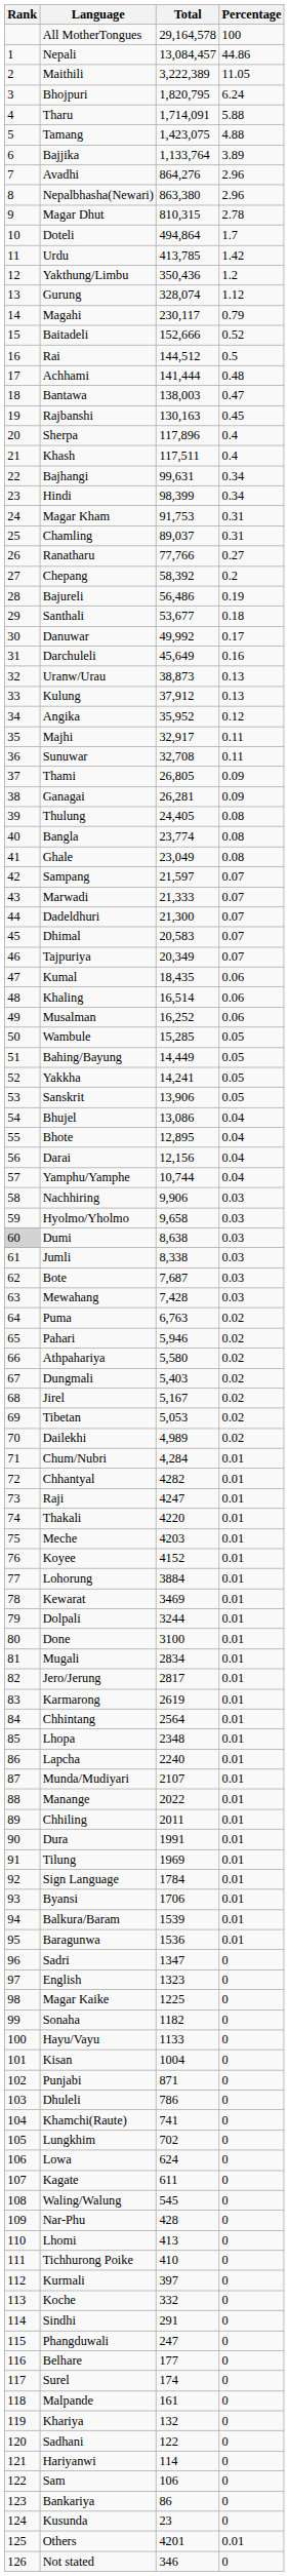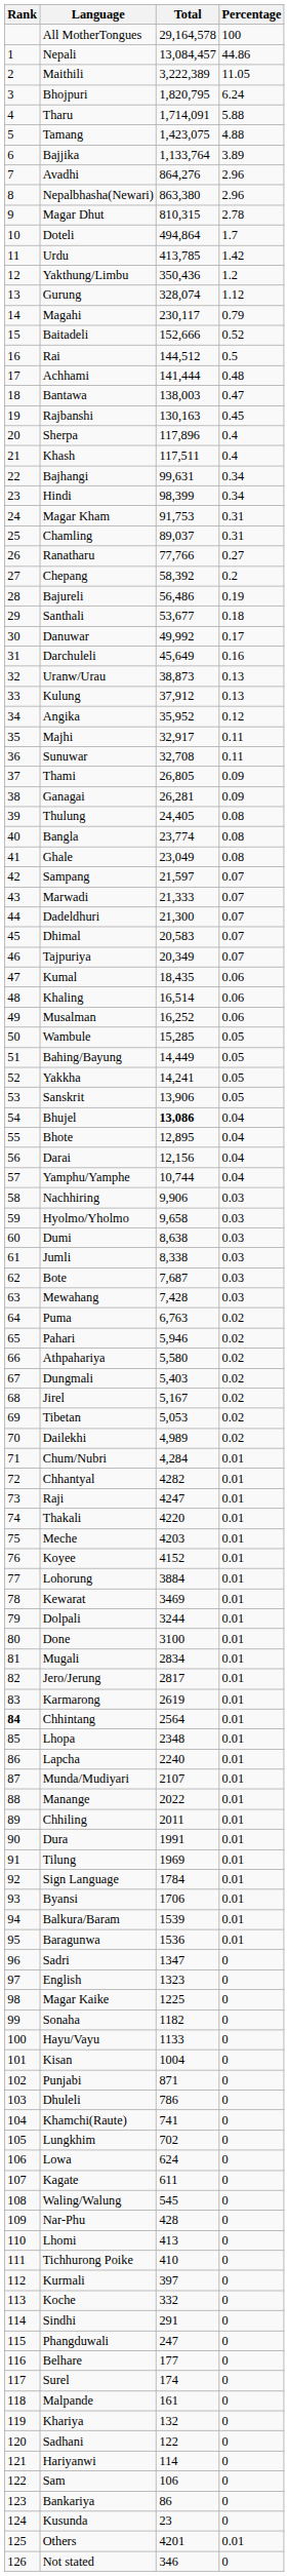 <table class="wikitable sortable">
 <tr>
 <th>Rank</th>
 <th>Language</th>
 <th>Total</th>
 <th>Percentage</th>
 </tr>
 <tr>
 <td></td>
 <td>All MotherTongues</td>
 <td>29,164,578</td>
 <td>100</td>
 </tr>
 <tr>
 <td>1</td>
 <td>Nepali</td>
 <td>13,084,457</td>
 <td>44.86</td>
 </tr>
 <tr>
 <td>2</td>
 <td>Maithili</td>
 <td>3,222,389</td>
 <td>11.05</td>
 </tr>
 <tr>
 <td>3</td>
 <td>Bhojpuri</td>
 <td>1,820,795</td>
 <td>6.24</td>
 </tr>
 <tr>
 <td>4</td>
 <td>Tharu</td>
 <td>1,714,091</td>
 <td>5.88</td>
 </tr>
 <tr>
 <td>5</td>
 <td>Tamang</td>
 <td>1,423,075</td>
 <td>4.88</td>
 </tr>
 <tr>
 <td>6</td>
 <td>Bajjika</td>
 <td>1,133,764</td>
 <td>3.89</td>
 </tr>
 <tr>
 <td>7</td>
 <td>Avadhi</td>
 <td>864,276</td>
 <td>2.96</td>
 </tr>
 <tr>
 <td>8</td>
 <td>Nepalbhasha(Newari)</td>
 <td>863,380</td>
 <td>2.96</td>
 </tr>
 <tr>
 <td>9</td>
 <td>Magar Dhut</td>
 <td>810,315</td>
 <td>2.78</td>
 </tr>
 <tr>
 <td>10</td>
 <td>Doteli</td>
 <td>494,864</td>
 <td>1.7</td>
 </tr>
 <tr>
 <td>11</td>
 <td>Urdu</td>
 <td>413,785</td>
 <td>1.42</td>
 </tr>
 <tr>
 <td>12</td>
 <td>Yakthung/Limbu</td>
 <td>350,436</td>
 <td>1.2</td>
 </tr>
 <tr>
 <td>13</td>
 <td>Gurung</td>
 <td>328,074</td>
 <td>1.12</td>
 </tr>
 <tr>
 <td>14</td>
 <td>Magahi</td>
 <td>230,117</td>
 <td>0.79</td>
 </tr>
 <tr>
 <td>15</td>
 <td>Baitadeli</td>
 <td>152,666</td>
 <td>0.52</td>
 </tr>
 <tr>
 <td>16</td>
 <td>Rai</td>
 <td>144,512</td>
 <td>0.5</td>
 </tr>
 <tr>
 <td>17</td>
 <td>Achhami</td>
 <td>141,444</td>
 <td>0.48</td>
 </tr>
 <tr>
 <td>18</td>
 <td>Bantawa</td>
 <td>138,003</td>
 <td>0.47</td>
 </tr>
 <tr>
 <td>19</td>
 <td>Rajbanshi</td>
 <td>130,163</td>
 <td>0.45</td>
 </tr>
 <tr>
 <td>20</td>
 <td>Sherpa</td>
 <td>117,896</td>
 <td>0.4</td>
 </tr>
 <tr>
 <td>21</td>
 <td>Khash</td>
 <td>117,511</td>
 <td>0.4</td>
 </tr>
 <tr>
 <td>22</td>
 <td>Bajhangi</td>
 <td>99,631</td>
 <td>0.34</td>
 </tr>
 <tr>
 <td>23</td>
 <td>Hindi</td>
 <td>98,399</td>
 <td>0.34</td>
 </tr>
 <tr>
 <td>24</td>
 <td>Magar Kham</td>
 <td>91,753</td>
 <td>0.31</td>
 </tr>
 <tr>
 <td>25</td>
 <td>Chamling</td>
 <td>89,037</td>
 <td>0.31</td>
 </tr>
 <tr>
 <td>26</td>
 <td>Ranatharu</td>
 <td>77,766</td>
 <td>0.27</td>
 </tr>
 <tr>
 <td>27</td>
 <td>Chepang</td>
 <td>58,392</td>
 <td>0.2</td>
 </tr>
 <tr>
 <td>28</td>
 <td>Bajureli</td>
 <td>56,486</td>
 <td>0.19</td>
 </tr>
 <tr>
 <td>29</td>
 <td>Santhali</td>
 <td>53,677</td>
 <td>0.18</td>
 </tr>
 <tr>
 <td>30</td>
 <td>Danuwar</td>
 <td>49,992</td>
 <td>0.17</td>
 </tr>
 <tr>
 <td>31</td>
 <td>Darchuleli</td>
 <td>45,649</td>
 <td>0.16</td>
 </tr>
 <tr>
 <td>32</td>
 <td>Uranw/Urau</td>
 <td>38,873</td>
 <td>0.13</td>
 </tr>
 <tr>
 <td>33</td>
 <td>Kulung</td>
 <td>37,912</td>
 <td>0.13</td>
 </tr>
 <tr>
 <td>34</td>
 <td>Angika</td>
 <td>35,952</td>
 <td>0.12</td>
 </tr>
 <tr>
 <td>35</td>
 <td>Majhi</td>
 <td>32,917</td>
 <td>0.11</td>
 </tr>
 <tr>
 <td>36</td>
 <td>Sunuwar</td>
 <td>32,708</td>
 <td>0.11</td>
 </tr>
 <tr>
 <td>37</td>
 <td>Thami</td>
 <td>26,805</td>
 <td>0.09</td>
 </tr>
 <tr>
 <td>38</td>
 <td>Ganagai</td>
 <td>26,281</td>
 <td>0.09</td>
 </tr>
 <tr>
 <td>39</td>
 <td>Thulung</td>
 <td>24,405</td>
 <td>0.08</td>
 </tr>
 <tr>
 <td>40</td>
 <td>Bangla</td>
 <td>23,774</td>
 <td>0.08</td>
 </tr>
 <tr>
 <td>41</td>
 <td>Ghale</td>
 <td>23,049</td>
 <td>0.08</td>
 </tr>
 <tr>
 <td>42</td>
 <td>Sampang</td>
 <td>21,597</td>
 <td>0.07</td>
 </tr>
 <tr>
 <td>43</td>
 <td>Marwadi</td>
 <td>21,333</td>
 <td>0.07</td>
 </tr>
 <tr>
 <td>44</td>
 <td>Dadeldhuri</td>
 <td>21,300</td>
 <td>0.07</td>
 </tr>
 <tr>
 <td>45</td>
 <td>Dhimal</td>
 <td>20,583</td>
 <td>0.07</td>
 </tr>
 <tr>
 <td>46</td>
 <td>Tajpuriya</td>
 <td>20,349</td>
 <td>0.07</td>
 </tr>
 <tr>
 <td>47</td>
 <td>Kumal</td>
 <td>18,435</td>
 <td>0.06</td>
 </tr>
 <tr>
 <td>48</td>
 <td>Khaling</td>
 <td>16,514</td>
 <td>0.06</td>
 </tr>
 <tr>
 <td>49</td>
 <td>Musalman</td>
 <td>16,252</td>
 <td>0.06</td>
 </tr>
 <tr>
 <td>50</td>
 <td>Wambule</td>
 <td>15,285</td>
 <td>0.05</td>
 </tr>
 <tr>
 <td>51</td>
 <td>Bahing/Bayung</td>
 <td>14,449</td>
 <td>0.05</td>
 </tr>
 <tr>
 <td>52</td>
 <td>Yakkha</td>
 <td>14,241</td>
 <td>0.05</td>
 </tr>
 <tr>
 <td>53</td>
 <td>Sanskrit</td>
 <td>13,906</td>
 <td>0.05</td>
 </tr>
 <tr>
 <td>54</td>
 <td>Bhujel</td>
-<td>13,086</td>
+<td><strong>13,086</strong></td>
 <td>0.04</td>
 </tr>
 <tr>
 <td>55</td>
 <td>Bhote</td>
 <td>12,895</td>
 <td>0.04</td>
 </tr>
 <tr>
 <td>56</td>
 <td>Darai</td>
 <td>12,156</td>
 <td>0.04</td>
 </tr>
 <tr>
 <td>57</td>
 <td>Yamphu/Yamphe</td>
 <td>10,744</td>
 <td>0.04</td>
 </tr>
 <tr>
 <td>58</td>
 <td>Nachhiring</td>
 <td>9,906</td>
 <td>0.03</td>
 </tr>
 <tr>
 <td>59</td>
 <td>Hyolmo/Yholmo</td>
 <td>9,658</td>
 <td>0.03</td>
 </tr>
 <tr>
-<td style="background: lightgrey;">60</td>
+<td>60</td>
 <td>Dumi</td>
 <td>8,638</td>
 <td>0.03</td>
 </tr>
 <tr>
 <td>61</td>
 <td>Jumli</td>
 <td>8,338</td>
 <td>0.03</td>
 </tr>
 <tr>
 <td>62</td>
 <td>Bote</td>
 <td>7,687</td>
 <td>0.03</td>
 </tr>
 <tr>
 <td>63</td>
 <td>Mewahang</td>
 <td>7,428</td>
 <td>0.03</td>
 </tr>
 <tr>
 <td>64</td>
 <td>Puma</td>
 <td>6,763</td>
 <td>0.02</td>
 </tr>
 <tr>
 <td>65</td>
 <td>Pahari</td>
 <td>5,946</td>
 <td>0.02</td>
 </tr>
 <tr>
 <td>66</td>
 <td>Athpahariya</td>
 <td>5,580</td>
 <td>0.02</td>
 </tr>
 <tr>
 <td>67</td>
 <td>Dungmali</td>
 <td>5,403</td>
 <td>0.02</td>
 </tr>
 <tr>
 <td>68</td>
 <td>Jirel</td>
 <td>5,167</td>
 <td>0.02</td>
 </tr>
 <tr>
 <td>69</td>
 <td>Tibetan</td>
 <td>5,053</td>
 <td>0.02</td>
 </tr>
 <tr>
 <td>70</td>
 <td>Dailekhi</td>
 <td>4,989</td>
 <td>0.02</td>
 </tr>
 <tr>
 <td>71</td>
 <td>Chum/Nubri</td>
 <td>4,284</td>
 <td>0.01</td>
 </tr>
 <tr>
 <td>72</td>
 <td>Chhantyal</td>
 <td>4282</td>
 <td>0.01</td>
 </tr>
 <tr>
 <td>73</td>
 <td>Raji</td>
 <td>4247</td>
 <td>0.01</td>
 </tr>
 <tr>
 <td>74</td>
 <td>Thakali</td>
 <td>4220</td>
 <td>0.01</td>
 </tr>
 <tr>
 <td>75</td>
 <td>Meche</td>
 <td>4203</td>
 <td>0.01</td>
 </tr>
 <tr>
 <td>76</td>
 <td>Koyee</td>
 <td>4152</td>
 <td>0.01</td>
 </tr>
 <tr>
 <td>77</td>
 <td>Lohorung</td>
 <td>3884</td>
 <td>0.01</td>
 </tr>
 <tr>
 <td>78</td>
 <td>Kewarat</td>
 <td>3469</td>
 <td>0.01</td>
 </tr>
 <tr>
 <td>79</td>
 <td>Dolpali</td>
 <td>3244</td>
 <td>0.01</td>
 </tr>
 <tr>
 <td>80</td>
 <td>Done</td>
 <td>3100</td>
 <td>0.01</td>
 </tr>
 <tr>
 <td>81</td>
 <td>Mugali</td>
 <td>2834</td>
 <td>0.01</td>
 </tr>
 <tr>
 <td>82</td>
 <td>Jero/Jerung</td>
 <td>2817</td>
 <td>0.01</td>
 </tr>
 <tr>
 <td>83</td>
 <td>Karmarong</td>
 <td>2619</td>
 <td>0.01</td>
 </tr>
 <tr>
-<td>84</td>
+<td><strong>84</strong></td>
 <td>Chhintang</td>
 <td>2564</td>
 <td>0.01</td>
 </tr>
 <tr>
 <td>85</td>
 <td>Lhopa</td>
 <td>2348</td>
 <td>0.01</td>
 </tr>
 <tr>
 <td>86</td>
 <td>Lapcha</td>
 <td>2240</td>
 <td>0.01</td>
 </tr>
 <tr>
 <td>87</td>
 <td>Munda/Mudiyari</td>
 <td>2107</td>
 <td>0.01</td>
 </tr>
 <tr>
 <td>88</td>
 <td>Manange</td>
 <td>2022</td>
 <td>0.01</td>
 </tr>
 <tr>
 <td>89</td>
 <td>Chhiling</td>
 <td>2011</td>
 <td>0.01</td>
 </tr>
 <tr>
 <td>90</td>
 <td>Dura</td>
 <td>1991</td>
 <td>0.01</td>
 </tr>
 <tr>
 <td>91</td>
 <td>Tilung</td>
 <td>1969</td>
 <td>0.01</td>
 </tr>
 <tr>
 <td>92</td>
 <td>Sign Language</td>
 <td>1784</td>
 <td>0.01</td>
 </tr>
 <tr>
 <td>93</td>
 <td>Byansi</td>
 <td>1706</td>
 <td>0.01</td>
 </tr>
 <tr>
 <td>94</td>
 <td>Balkura/Baram</td>
 <td>1539</td>
 <td>0.01</td>
 </tr>
 <tr>
 <td>95</td>
 <td>Baragunwa</td>
 <td>1536</td>
 <td>0.01</td>
 </tr>
 <tr>
 <td>96</td>
 <td>Sadri</td>
 <td>1347</td>
 <td>0</td>
 </tr>
 <tr>
 <td>97</td>
 <td>English</td>
 <td>1323</td>
 <td>0</td>
 </tr>
 <tr>
 <td>98</td>
 <td>Magar Kaike</td>
 <td>1225</td>
 <td>0</td>
 </tr>
 <tr>
 <td>99</td>
 <td>Sonaha</td>
 <td>1182</td>
 <td>0</td>
 </tr>
 <tr>
 <td>100</td>
 <td>Hayu/Vayu</td>
 <td>1133</td>
 <td>0</td>
 </tr>
 <tr>
 <td>101</td>
 <td>Kisan</td>
 <td>1004</td>
 <td>0</td>
 </tr>
 <tr>
 <td>102</td>
 <td>Punjabi</td>
 <td>871</td>
 <td>0</td>
 </tr>
 <tr>
 <td>103</td>
 <td>Dhuleli</td>
 <td>786</td>
 <td>0</td>
 </tr>
 <tr>
 <td>104</td>
 <td>Khamchi(Raute)</td>
 <td>741</td>
 <td>0</td>
 </tr>
 <tr>
 <td>105</td>
 <td>Lungkhim</td>
 <td>702</td>
 <td>0</td>
 </tr>
 <tr>
 <td>106</td>
 <td>Lowa</td>
 <td>624</td>
 <td>0</td>
 </tr>
 <tr>
 <td>107</td>
 <td>Kagate</td>
 <td>611</td>
 <td>0</td>
 </tr>
 <tr>
 <td>108</td>
 <td>Waling/Walung</td>
 <td>545</td>
 <td>0</td>
 </tr>
 <tr>
 <td>109</td>
 <td>Nar-Phu</td>
 <td>428</td>
 <td>0</td>
 </tr>
 <tr>
 <td>110</td>
 <td>Lhomi</td>
 <td>413</td>
 <td>0</td>
 </tr>
 <tr>
 <td>111</td>
 <td>Tichhurong Poike</td>
 <td>410</td>
 <td>0</td>
 </tr>
 <tr>
 <td>112</td>
 <td>Kurmali</td>
 <td>397</td>
 <td>0</td>
 </tr>
 <tr>
 <td>113</td>
 <td>Koche</td>
 <td>332</td>
 <td>0</td>
 </tr>
 <tr>
 <td>114</td>
 <td>Sindhi</td>
 <td>291</td>
 <td>0</td>
 </tr>
 <tr>
 <td>115</td>
 <td>Phangduwali</td>
 <td>247</td>
 <td>0</td>
 </tr>
 <tr>
 <td>116</td>
 <td>Belhare</td>
 <td>177</td>
 <td>0</td>
 </tr>
 <tr>
 <td>117</td>
 <td>Surel</td>
 <td>174</td>
 <td>0</td>
 </tr>
 <tr>
 <td>118</td>
 <td>Malpande</td>
 <td>161</td>
 <td>0</td>
 </tr>
 <tr>
 <td>119</td>
 <td>Khariya</td>
 <td>132</td>
 <td>0</td>
 </tr>
 <tr>
 <td>120</td>
 <td>Sadhani</td>
 <td>122</td>
 <td>0</td>
 </tr>
 <tr>
 <td>121</td>
 <td>Hariyanwi</td>
 <td>114</td>
 <td>0</td>
 </tr>
 <tr>
 <td>122</td>
 <td>Sam</td>
 <td>106</td>
 <td>0</td>
 </tr>
 <tr>
 <td>123</td>
 <td>Bankariya</td>
 <td>86</td>
 <td>0</td>
 </tr>
 <tr>
 <td>124</td>
 <td>Kusunda</td>
 <td>23</td>
 <td>0</td>
 </tr>
 <tr>
 <td>125</td>
 <td>Others</td>
 <td>4201</td>
 <td>0.01</td>
 </tr>
 <tr>
 <td>126</td>
 <td>Not stated</td>
 <td>346</td>
 <td>0</td>
 </tr>
 </table>
